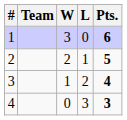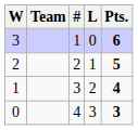 <table class=wikitable style="text-align:center;">
 <tr>
+<th>W</th>
+<th>Team</th>
 <th>#</th>
-<th>Team</th>
-<th>W</th>
 <th>L</th>
 <th>Pts.</th>
 </tr>
 <tr bgcolor=#CCCCFF>
+<td>3</td>
+<td align=left></td>
 <td>1</td>
-<td align=left></td>
-<td>3</td>
 <td>0</td>
 <td><strong>6</strong></td>
 </tr>
 <tr>
 <td>2</td>
 <td align=left></td>
 <td>2</td>
 <td>1</td>
 <td><strong>5</strong></td>
 </tr>
 <tr>
+<td>1</td>
+<td align=left></td>
 <td>3</td>
-<td align=left></td>
-<td>1</td>
 <td>2</td>
 <td><strong>4</strong></td>
 </tr>
 <tr>
+<td>0</td>
+<td align=left></td>
 <td>4</td>
-<td align=left></td>
-<td>0</td>
 <td>3</td>
 <td><strong>3</strong></td>
 </tr>
 </table>
